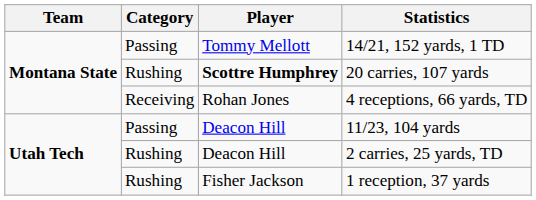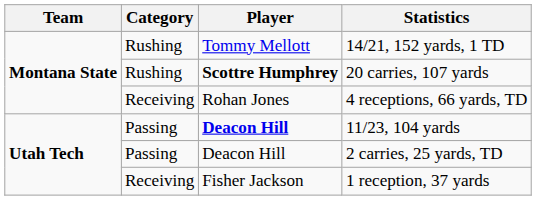 <table class="wikitable" style="float: right;">
 <tr>
 <th>Team</th>
 <th>Category</th>
 <th>Player</th>
 <th>Statistics</th>
 </tr>
 <tr>
 <td rowspan=3><strong>Montana State</strong></td>
-<td>Passing</td>
+<td>Rushing</td>
 <td><a href='#'>Tommy Mellott</a></td>
 <td>14/21, 152 yards, 1 TD</td>
 </tr>
 <tr>
 <td>Rushing</td>
 <td><strong>Scottre Humphrey</strong></td>
 <td>20 carries, 107 yards</td>
 </tr>
 <tr>
 <td>Receiving</td>
 <td>Rohan Jones</td>
 <td>4 receptions, 66 yards, TD</td>
 </tr>
 <tr>
 <td rowspan=3><strong>Utah Tech</strong></td>
 <td>Passing</td>
-<td><a href='#'>Deacon Hill</a></td>
+<td><strong><a href='#'>Deacon Hill</a></strong></td>
 <td>11/23, 104 yards</td>
 </tr>
 <tr>
-<td>Rushing</td>
+<td>Passing</td>
 <td>Deacon Hill</td>
 <td>2 carries, 25 yards, TD</td>
 </tr>
 <tr>
-<td>Rushing</td>
+<td>Receiving</td>
 <td>Fisher Jackson</td>
 <td>1 reception, 37 yards</td>
 </tr>
 </table>
